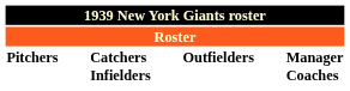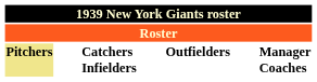 <table class="toccolours" style="font-size: 95%;">
 <tr>
 <th colspan="10" style="background-color: black; color: #FFFDD0; text-align: center;">1939 New York Giants roster</th>
 </tr>
 <tr>
 <td colspan="10" style="background-color: #fd5a1e; color: #FFFDD0; text-align: center;"><strong>Roster</strong></td>
 </tr>
 <tr>
-<td valign="top"><strong>Pitchers</strong><br>            </td>
+<td valign="top" style="background: khaki;"><strong>Pitchers</strong><br>            </td>
 <td width="25px"></td>
 <td valign="top"><strong>Catchers</strong><br>   <strong>Infielders</strong>            </td>
 <td width="25px"></td>
 <td valign="top"><strong>Outfielders</strong><br>     </td>
 <td width="25px"></td>
 <td valign="top"><strong>Manager</strong><br> <strong>Coaches</strong>  </td>
 </tr>
 </table>
